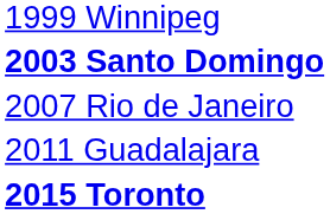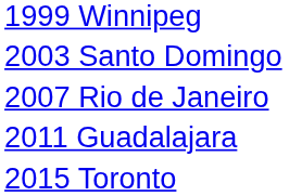 <table>
 <tr>
 <td><a href='#'>1999 Winnipeg</a></td>
 <td></td>
 <td></td>
 <td></td>
 </tr>
 <tr>
-<td><strong><a href='#'>2003 Santo Domingo</a></strong></td>
+<td><a href='#'>2003 Santo Domingo</a></td>
 <td></td>
 <td></td>
 <td></td>
 </tr>
 <tr>
 <td><a href='#'>2007 Rio de Janeiro</a></td>
 <td></td>
 <td></td>
 <td></td>
 </tr>
 <tr>
 <td><a href='#'>2011 Guadalajara</a></td>
 <td></td>
 <td></td>
 <td></td>
 </tr>
 <tr>
-<td><strong><a href='#'>2015 Toronto</a><br></strong></td>
+<td><a href='#'>2015 Toronto</a><br></td>
 <td></td>
 <td></td>
 <td></td>
 </tr>
 </table>
